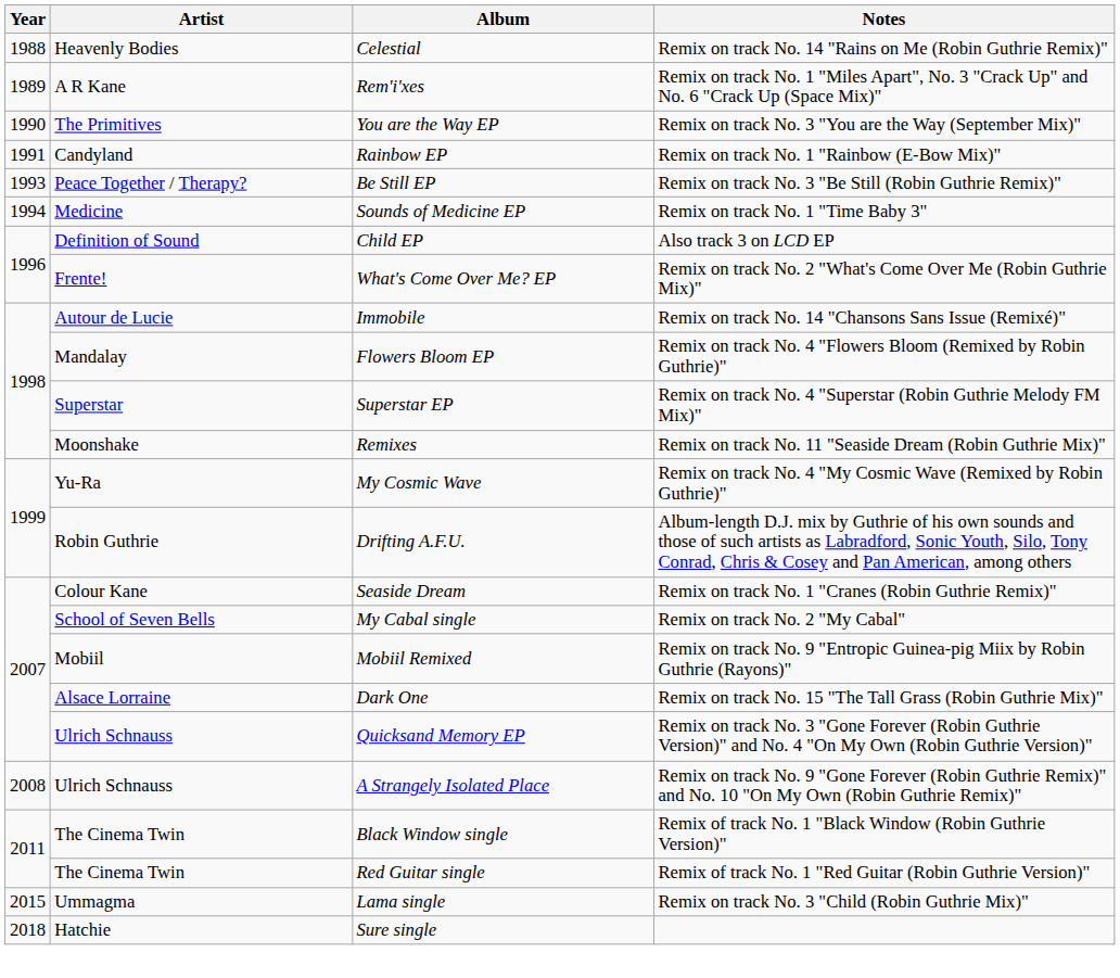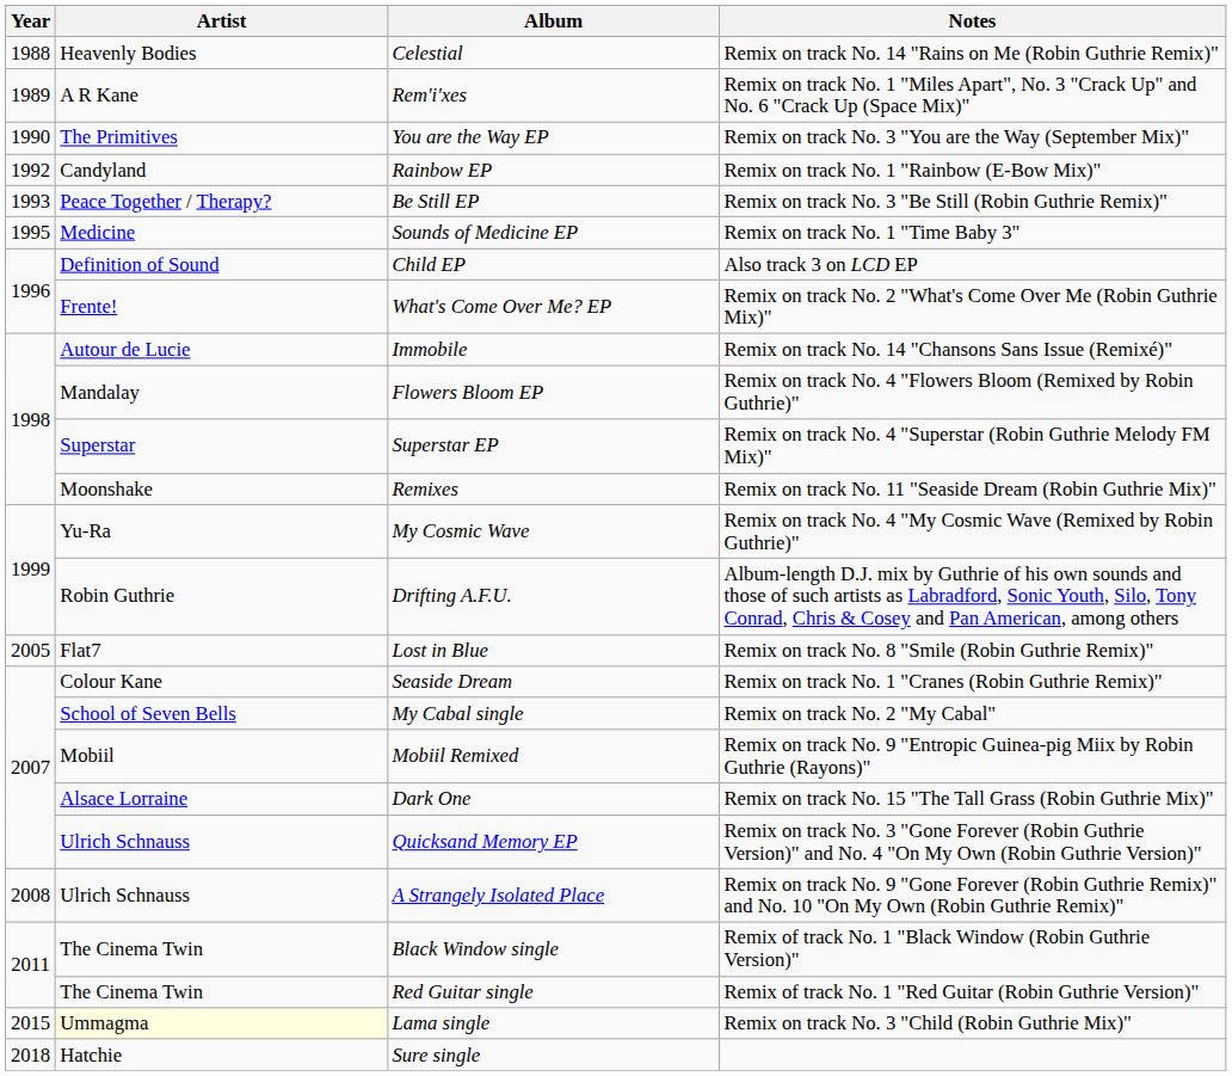 <table class="wikitable">
 <tr>
 <th width="33">Year</th>
 <th width="260">Artist</th>
 <th width="260">Album</th>
 <th width="400">Notes</th>
 </tr>
 <tr>
 <td align="center">1988</td>
 <td align="left">Heavenly Bodies</td>
 <td><em>Celestial</em></td>
 <td>Remix on track No. 14 "Rains on Me (Robin Guthrie Remix)"</td>
 </tr>
 <tr>
 <td align="center">1989</td>
 <td align="left">A R Kane</td>
 <td><em>Rem'i'xes</em></td>
 <td>Remix on track No. 1 "Miles Apart", No. 3 "Crack Up" and No. 6 "Crack Up (Space Mix)"</td>
 </tr>
 <tr>
 <td align="center">1990</td>
 <td align="left"><a href='#'>The Primitives</a></td>
 <td><em>You are the Way EP</em></td>
 <td>Remix on track No. 3 "You are the Way (September Mix)"</td>
 </tr>
 <tr>
-<td align="center">1991</td>
+<td align="center">1992</td>
 <td align="left">Candyland</td>
 <td><em>Rainbow EP</em></td>
 <td>Remix on track No. 1 "Rainbow (E-Bow Mix)"</td>
 </tr>
 <tr>
 <td align="center">1993</td>
 <td align="left"><a href='#'>Peace Together</a> / <a href='#'>Therapy?</a></td>
 <td><em>Be Still EP</em></td>
 <td>Remix on track No. 3 "Be Still (Robin Guthrie Remix)"</td>
 </tr>
 <tr>
-<td align="center">1994</td>
+<td align="center">1995</td>
 <td align="left"><a href='#'>Medicine</a></td>
 <td><em>Sounds of Medicine EP</em></td>
 <td>Remix on track No. 1 "Time Baby 3"</td>
 </tr>
 <tr>
 <td align="center" rowspan="2">1996</td>
 <td align="left"><a href='#'>Definition of Sound</a></td>
 <td><em>Child EP</em></td>
 <td>Also track 3 on <em>LCD</em> EP</td>
 </tr>
 <tr>
 <td align="left"><a href='#'>Frente!</a></td>
 <td><em>What's Come Over Me? EP</em></td>
 <td>Remix on track No. 2 "What's Come Over Me (Robin Guthrie Mix)"</td>
 </tr>
 <tr>
 <td align="center" rowspan="4">1998</td>
 <td align="left"><a href='#'>Autour de Lucie</a></td>
 <td><em>Immobile</em></td>
 <td>Remix on track No. 14 "Chansons Sans Issue (Remixé)"</td>
 </tr>
 <tr>
 <td align="left">Mandalay</td>
 <td><em>Flowers Bloom EP</em></td>
 <td>Remix on track No. 4 "Flowers Bloom (Remixed by Robin Guthrie)"</td>
 </tr>
 <tr>
 <td align="left"><a href='#'>Superstar</a></td>
 <td><em>Superstar EP</em></td>
 <td>Remix on track No. 4 "Superstar (Robin Guthrie Melody FM Mix)"</td>
 </tr>
 <tr>
 <td align="left">Moonshake</td>
 <td><em>Remixes</em></td>
 <td>Remix on track No. 11 "Seaside Dream (Robin Guthrie Mix)"</td>
 </tr>
 <tr>
 <td align="center" rowspan="2">1999</td>
 <td align="left">Yu-Ra</td>
 <td><em>My Cosmic Wave</em></td>
 <td>Remix on track No. 4 "My Cosmic Wave (Remixed by Robin Guthrie)"</td>
 </tr>
 <tr>
 <td align="left">Robin Guthrie</td>
 <td><em>Drifting A.F.U.</em></td>
 <td>Album-length D.J. mix by Guthrie of his own sounds and those of such artists as <a href='#'>Labradford</a>, <a href='#'>Sonic Youth</a>, <a href='#'>Silo</a>, <a href='#'>Tony Conrad</a>, <a href='#'>Chris & Cosey</a> and <a href='#'>Pan American</a>, among others</td>
 </tr>
 <tr>
+<td align="center">2005</td>
+<td align="left">Flat7</td>
+<td><em>Lost in Blue</em></td>
+<td>Remix on track No. 8 "Smile (Robin Guthrie Remix)"</td>
+</tr>
+<tr>
 <td align="center" rowspan="5">2007</td>
 <td align="left">Colour Kane</td>
 <td><em>Seaside Dream</em></td>
 <td>Remix on track No. 1 "Cranes (Robin Guthrie Remix)"</td>
 </tr>
 <tr>
 <td align="left"><a href='#'>School of Seven Bells</a></td>
 <td><em>My Cabal single</em></td>
 <td>Remix on track No. 2 "My Cabal"</td>
 </tr>
 <tr>
 <td align="left">Mobiil</td>
 <td><em>Mobiil Remixed</em></td>
 <td>Remix on track No. 9 "Entropic Guinea-pig Miix by Robin Guthrie (Rayons)"</td>
 </tr>
 <tr>
 <td align="left"><a href='#'>Alsace Lorraine</a></td>
 <td><em>Dark One</em></td>
 <td>Remix on track No. 15 "The Tall Grass (Robin Guthrie Mix)"</td>
 </tr>
 <tr>
 <td align="left"><a href='#'>Ulrich Schnauss</a></td>
 <td><em><a href='#'>Quicksand Memory EP</a></em></td>
 <td>Remix on track No. 3 "Gone Forever (Robin Guthrie Version)" and No. 4 "On My Own (Robin Guthrie Version)"</td>
 </tr>
 <tr>
 <td align="center">2008</td>
 <td align="left">Ulrich Schnauss</td>
 <td><em><a href='#'>A Strangely Isolated Place</a></em></td>
 <td>Remix on track No. 9 "Gone Forever (Robin Guthrie Remix)" and No. 10 "On My Own (Robin Guthrie Remix)"</td>
 </tr>
 <tr>
 <td align="center" rowspan="2">2011</td>
 <td align="left">The Cinema Twin</td>
 <td><em>Black Window single</em></td>
 <td>Remix of track No. 1 "Black Window (Robin Guthrie Version)"</td>
 </tr>
 <tr>
 <td align="left">The Cinema Twin</td>
 <td><em>Red Guitar single</em></td>
 <td>Remix of track No. 1 "Red Guitar (Robin Guthrie Version)"</td>
 </tr>
 <tr>
 <td align="center" rowspan="1">2015</td>
-<td align="left">Ummagma</td>
+<td align="left" style="background: lightyellow;">Ummagma</td>
 <td><em>Lama single</em></td>
 <td>Remix on track No. 3 "Child (Robin Guthrie Mix)"</td>
 </tr>
 <tr>
 <td align="center" rowspan="1">2018</td>
 <td align="left">Hatchie</td>
 <td><em>Sure single</em></td>
 </tr>
 </table>
